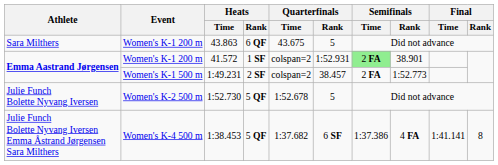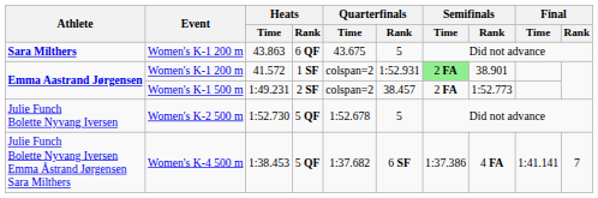 <table class=wikitable style="font-size:90%">
 <tr>
 <th rowspan="2">Athlete</th>
 <th rowspan="2">Event</th>
 <th colspan=2>Heats</th>
 <th colspan=2>Quarterfinals</th>
 <th colspan=2>Semifinals</th>
 <th colspan=2>Final</th>
 </tr>
 <tr style="font-size:95%">
 <th>Time</th>
 <th>Rank</th>
 <th>Time</th>
 <th>Rank</th>
 <th>Time</th>
 <th>Rank</th>
 <th>Time</th>
 <th>Rank</th>
 </tr>
 <tr align=center>
-<td align=left><a href='#'>Sara Milthers</a></td>
+<td align=left><strong><a href='#'>Sara Milthers</a></strong></td>
 <td align=left><a href='#'>Women's K-1 200 m</a></td>
 <td>43.863</td>
 <td>6 <strong>QF</strong></td>
 <td>43.675</td>
 <td>5</td>
 <td colspan=4>Did not advance</td>
 </tr>
 <tr align=center>
 <td align=left rowspan=2><strong><a href='#'>Emma Aastrand Jørgensen</a></strong></td>
 <td align=left><a href='#'>Women's K-1 200 m</a></td>
 <td>41.572</td>
 <td>1 <strong>SF</strong></td>
 <td>colspan=2 </td>
 <td>1:52.931</td>
 <td style="background: lightgreen;">2 <strong>FA</strong></td>
 <td>38.901</td>
 <td></td>
 </tr>
 <tr align=center>
 <td align=left><a href='#'>Women's K-1 500 m</a></td>
 <td>1:49.231</td>
 <td>2 <strong>SF</strong></td>
 <td>colspan=2 </td>
 <td>38.457</td>
 <td>2 <strong>FA</strong></td>
 <td>1:52.773</td>
 <td></td>
 </tr>
 <tr align=center>
 <td align=left><a href='#'>Julie Funch</a><br><a href='#'>Bolette Nyvang Iversen</a></td>
 <td align=left><a href='#'>Women's K-2 500 m</a></td>
 <td>1:52.730</td>
 <td>5 <strong>QF</strong></td>
 <td>1:52.678</td>
 <td>5</td>
 <td colspan=4>Did not advance</td>
 </tr>
 <tr align=center>
 <td align=left><a href='#'>Julie Funch</a><br><a href='#'>Bolette Nyvang Iversen</a><br><a href='#'>Emma Åstrand Jørgensen</a><br><a href='#'>Sara Milthers</a></td>
 <td align=left><a href='#'>Women's K-4 500 m</a></td>
 <td>1:38.453</td>
 <td>5 <strong>QF</strong></td>
 <td>1:37.682</td>
 <td>6 <strong>SF</strong></td>
 <td>1:37.386</td>
 <td>4 <strong>FA</strong></td>
 <td>1:41.141</td>
-<td>8</td>
+<td>7</td>
 </tr>
 </table>
